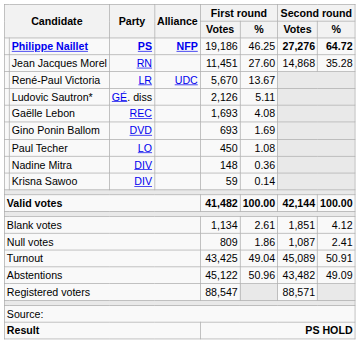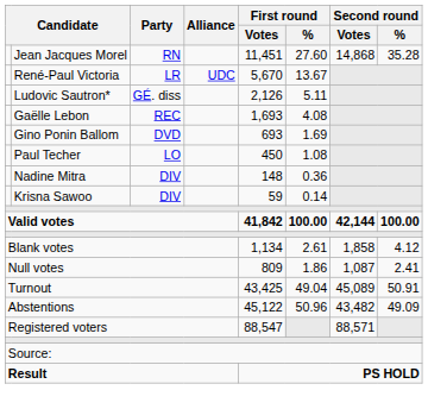 <table class="wikitable" style="text-align:right;font-size:95%;">
 <tr>
 <th colspan="2" rowspan="2">Candidate</th>
 <th colspan="1" rowspan="2">Party</th>
 <th colspan="1" rowspan="2">Alliance</th>
 <th colspan="2">First round</th>
 <th colspan="2">Second round</th>
 </tr>
 <tr>
 <th style="width:50px;">Votes</th>
 <th style="width:45px;">%</th>
 <th style="width:50px;">Votes</th>
 <th style="width:45px;">%</th>
-</tr>
-<tr>
-<td style="color:inherit;background:"></td>
-<td style="text-align:left;"><strong><a href='#'>Philippe Naillet</a></strong></td>
-<td><a href='#'><strong>PS</strong></a></td>
-<td><a href='#'><strong>NFP</strong></a></td>
-<td>19,186</td>
-<td>46.25</td>
-<td><strong>27,276</strong></td>
-<td><strong>64.72</strong></td>
 </tr>
 <tr>
 <td style="color:inherit;background:"></td>
 <td style="text-align:left;">Jean Jacques Morel</td>
 <td><a href='#'>RN</a></td>
 <td></td>
 <td>11,451</td>
 <td>27.60</td>
 <td>14,868</td>
 <td>35.28</td>
 </tr>
 <tr>
 <td style="color:inherit;background:"></td>
 <td style="text-align:left;">René-Paul Victoria</td>
 <td><a href='#'>LR</a></td>
 <td><a href='#'>UDC</a></td>
 <td>5,670</td>
 <td>13.67</td>
 <td colspan="2" rowspan="1" style="background:#E9E9E9;"></td>
 </tr>
 <tr>
 <td style="color:inherit;background:"></td>
 <td style="text-align:left;">Ludovic Sautron*</td>
 <td><a href='#'>GÉ</a>. diss</td>
 <td></td>
 <td>2,126</td>
 <td>5.11</td>
 <td colspan="2" rowspan="1" style="background:#E9E9E9;"></td>
 </tr>
 <tr>
 <td style="color:inherit;background:"></td>
 <td style="text-align:left;">Gaëlle Lebon</td>
 <td><a href='#'>REC</a></td>
 <td></td>
 <td>1,693</td>
 <td>4.08</td>
 <td colspan="2" rowspan="1" style="background:#E9E9E9;"></td>
 </tr>
 <tr>
 <td style="color:inherit;background:"></td>
 <td style="text-align:left;">Gino Ponin Ballom</td>
 <td><a href='#'>DVD</a></td>
 <td></td>
 <td>693</td>
 <td>1.69</td>
 <td colspan="2" rowspan="1" style="background:#E9E9E9;"></td>
 </tr>
 <tr>
 <td style="color:inherit;background:"></td>
 <td style="text-align:left;">Paul Techer</td>
 <td><a href='#'>LO</a></td>
 <td></td>
 <td>450</td>
 <td>1.08</td>
 <td colspan="2" rowspan="1" style="background:#E9E9E9;"></td>
 </tr>
 <tr>
 <td style="color:inherit;background:"></td>
 <td style="text-align:left;">Nadine Mitra</td>
 <td><a href='#'>DIV</a></td>
 <td></td>
 <td>148</td>
 <td>0.36</td>
 <td colspan="2" rowspan="1" style="background:#E9E9E9;"></td>
 </tr>
 <tr>
 <td style="color:inherit;background:"></td>
 <td style="text-align:left;">Krisna Sawoo</td>
 <td><a href='#'>DIV</a></td>
 <td></td>
 <td>59</td>
 <td>0.14</td>
 <td colspan="2" style="background:#E9E9E9;"></td>
 </tr>
 <tr>
 <td colspan="8" style="background:#E9E9E9;"></td>
 </tr>
 <tr style="font-weight:bold;">
 <td colspan="4" style="text-align:left;">Valid votes</td>
-<td>41,482</td>
+<td>41,842</td>
 <td>100.00</td>
 <td>42,144</td>
 <td>100.00</td>
 </tr>
 <tr>
 <td colspan="8" style="background:#E9E9E9;"></td>
 </tr>
 <tr>
 <td colspan="4" style="text-align:left;">Blank votes</td>
 <td>1,134</td>
 <td>2.61</td>
-<td>1,851</td>
+<td>1,858</td>
 <td>4.12</td>
 </tr>
 <tr>
 <td colspan="4" style="text-align:left;">Null votes</td>
 <td>809</td>
 <td>1.86</td>
 <td>1,087</td>
 <td>2.41</td>
 </tr>
 <tr>
 <td colspan="4" style="text-align:left;">Turnout</td>
 <td>43,425</td>
 <td>49.04</td>
 <td>45,089</td>
 <td>50.91</td>
 </tr>
 <tr>
 <td colspan="4" style="text-align:left;">Abstentions</td>
 <td>45,122</td>
 <td>50.96</td>
 <td>43,482</td>
 <td>49.09</td>
 </tr>
 <tr>
 <td colspan="4" style="text-align:left;">Registered voters</td>
 <td>88,547</td>
 <td style="background:#E9E9E9;"></td>
 <td>88,571</td>
 <td style="background:#E9E9E9;"></td>
 </tr>
 <tr>
 <td colspan="8" style="background:#E9E9E9;"></td>
 </tr>
 <tr>
 <td colspan="8" style="text-align:left;">Source: </td>
 </tr>
 <tr style="font-weight:bold">
 <td colspan="4" style="text-align:left;">Result</td>
 <td colspan="4" style="background-color:">PS HOLD</td>
 </tr>
 </table>
